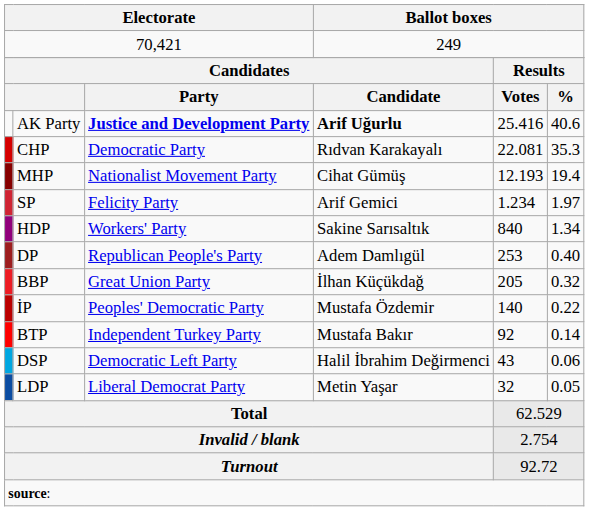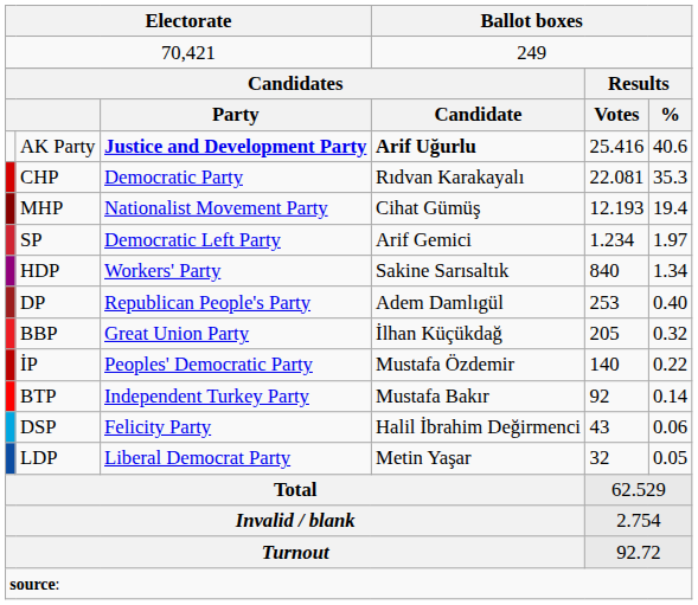 <table class="wikitable">
 <tr style="background-color:#F2F2F2">
 <td align="center" colspan="3"><strong>Electorate</strong></td>
 <td align="center" colspan="7"><strong>Ballot boxes</strong></td>
 </tr>
 <tr align="left">
 <td align="center" colspan="3">70,421</td>
 <td align="center" colspan="7">249</td>
 </tr>
 <tr>
 </tr>
 <tr style="background-color:#E9E9E9">
 </tr>
 <tr>
 <th align="center" colspan="4">Candidates</th>
 <th align="center" colspan="6">Results</th>
 </tr>
 <tr style="background-color:#E9E9E9">
 <th align="center" colspan="2"></th>
 <th align="center">Party</th>
 <th align="center">Candidate</th>
 <th align="center">Votes</th>
 <th align="center">%</th>
 </tr>
 <tr align="left">
 <td></td>
 <td>AK Party</td>
 <td><strong><a href='#'>Justice and Development Party</a></strong></td>
 <td><strong>Arif Uğurlu</strong></td>
 <td>25.416</td>
 <td>40.6</td>
 </tr>
 <tr align="left">
 <td bgcolor="#d50000" width=1></td>
 <td>CHP</td>
 <td><a href='#'>Democratic Party</a></td>
 <td>Rıdvan Karakayalı</td>
 <td>22.081</td>
 <td>35.3</td>
 </tr>
 <tr align="left">
 <td bgcolor="#870000" width=1></td>
 <td>MHP</td>
 <td><a href='#'>Nationalist Movement Party</a></td>
 <td>Cihat Gümüş</td>
 <td>12.193</td>
 <td>19.4</td>
 </tr>
 <tr align="left">
 <td bgcolor="#D02433" width=1></td>
 <td>SP</td>
-<td><a href='#'>Felicity Party</a></td>
+<td><a href='#'>Democratic Left Party</a></td>
 <td>Arif Gemici</td>
 <td>1.234</td>
 <td>1.97</td>
 </tr>
 <tr align="left">
 <td bgcolor="#91007B" width=1></td>
 <td>HDP</td>
 <td><a href='#'>Workers' Party</a></td>
 <td>Sakine Sarısaltık</td>
 <td>840</td>
 <td>1.34</td>
 </tr>
 <tr align="left">
 <td bgcolor="#9D1D1E" width=1></td>
 <td>DP</td>
 <td><a href='#'>Republican People's Party</a></td>
 <td>Adem Damlıgül</td>
 <td>253</td>
 <td>0.40</td>
 </tr>
 <tr align="left">
 <td bgcolor="#ED1C24" width=1></td>
 <td>BBP</td>
 <td><a href='#'>Great Union Party</a></td>
 <td>İlhan Küçükdağ</td>
 <td>205</td>
 <td>0.32</td>
 </tr>
 <tr align="left">
 <td bgcolor="#BB0000" width=1></td>
 <td>İP</td>
 <td><a href='#'>Peoples' Democratic Party</a></td>
 <td>Mustafa Özdemir</td>
 <td>140</td>
 <td>0.22</td>
 </tr>
 <tr align="left">
 <td bgcolor="#FE0000" width=1></td>
 <td>BTP</td>
 <td><a href='#'>Independent Turkey Party</a></td>
 <td>Mustafa Bakır</td>
 <td>92</td>
 <td>0.14</td>
 </tr>
 <tr align="left">
 <td bgcolor="#01A7E1" width=1></td>
 <td>DSP</td>
-<td><a href='#'>Democratic Left Party</a></td>
+<td><a href='#'>Felicity Party</a></td>
 <td>Halil İbrahim Değirmenci</td>
 <td>43</td>
 <td>0.06</td>
 </tr>
 <tr align="left">
 <td bgcolor="#0C4DA2" width=1></td>
 <td>LDP</td>
 <td><a href='#'>Liberal Democrat Party</a></td>
 <td>Metin Yaşar</td>
 <td>32</td>
 <td>0.05</td>
 </tr>
 <tr style="background-color:#E9E9E9" align="left">
 <th align="center" colspan="4"><strong>Total</strong></th>
 <td align="center" colspan="5">62.529</td>
 </tr>
 <tr style="background-color:#E9E9E9" align="left">
 <th align="center" colspan="4"><em>Invalid / blank</em></th>
 <td align="center" colspan="5">2.754</td>
 </tr>
 <tr style="background-color:#E9E9E9" align="left">
 <th align="center" colspan="4"><em>Turnout</em></th>
 <td align="center" colspan="5">92.72</td>
 </tr>
 <tr>
 <td align="left" colspan=10><small><strong>source</strong>: </small></td>
 </tr>
 </table>
